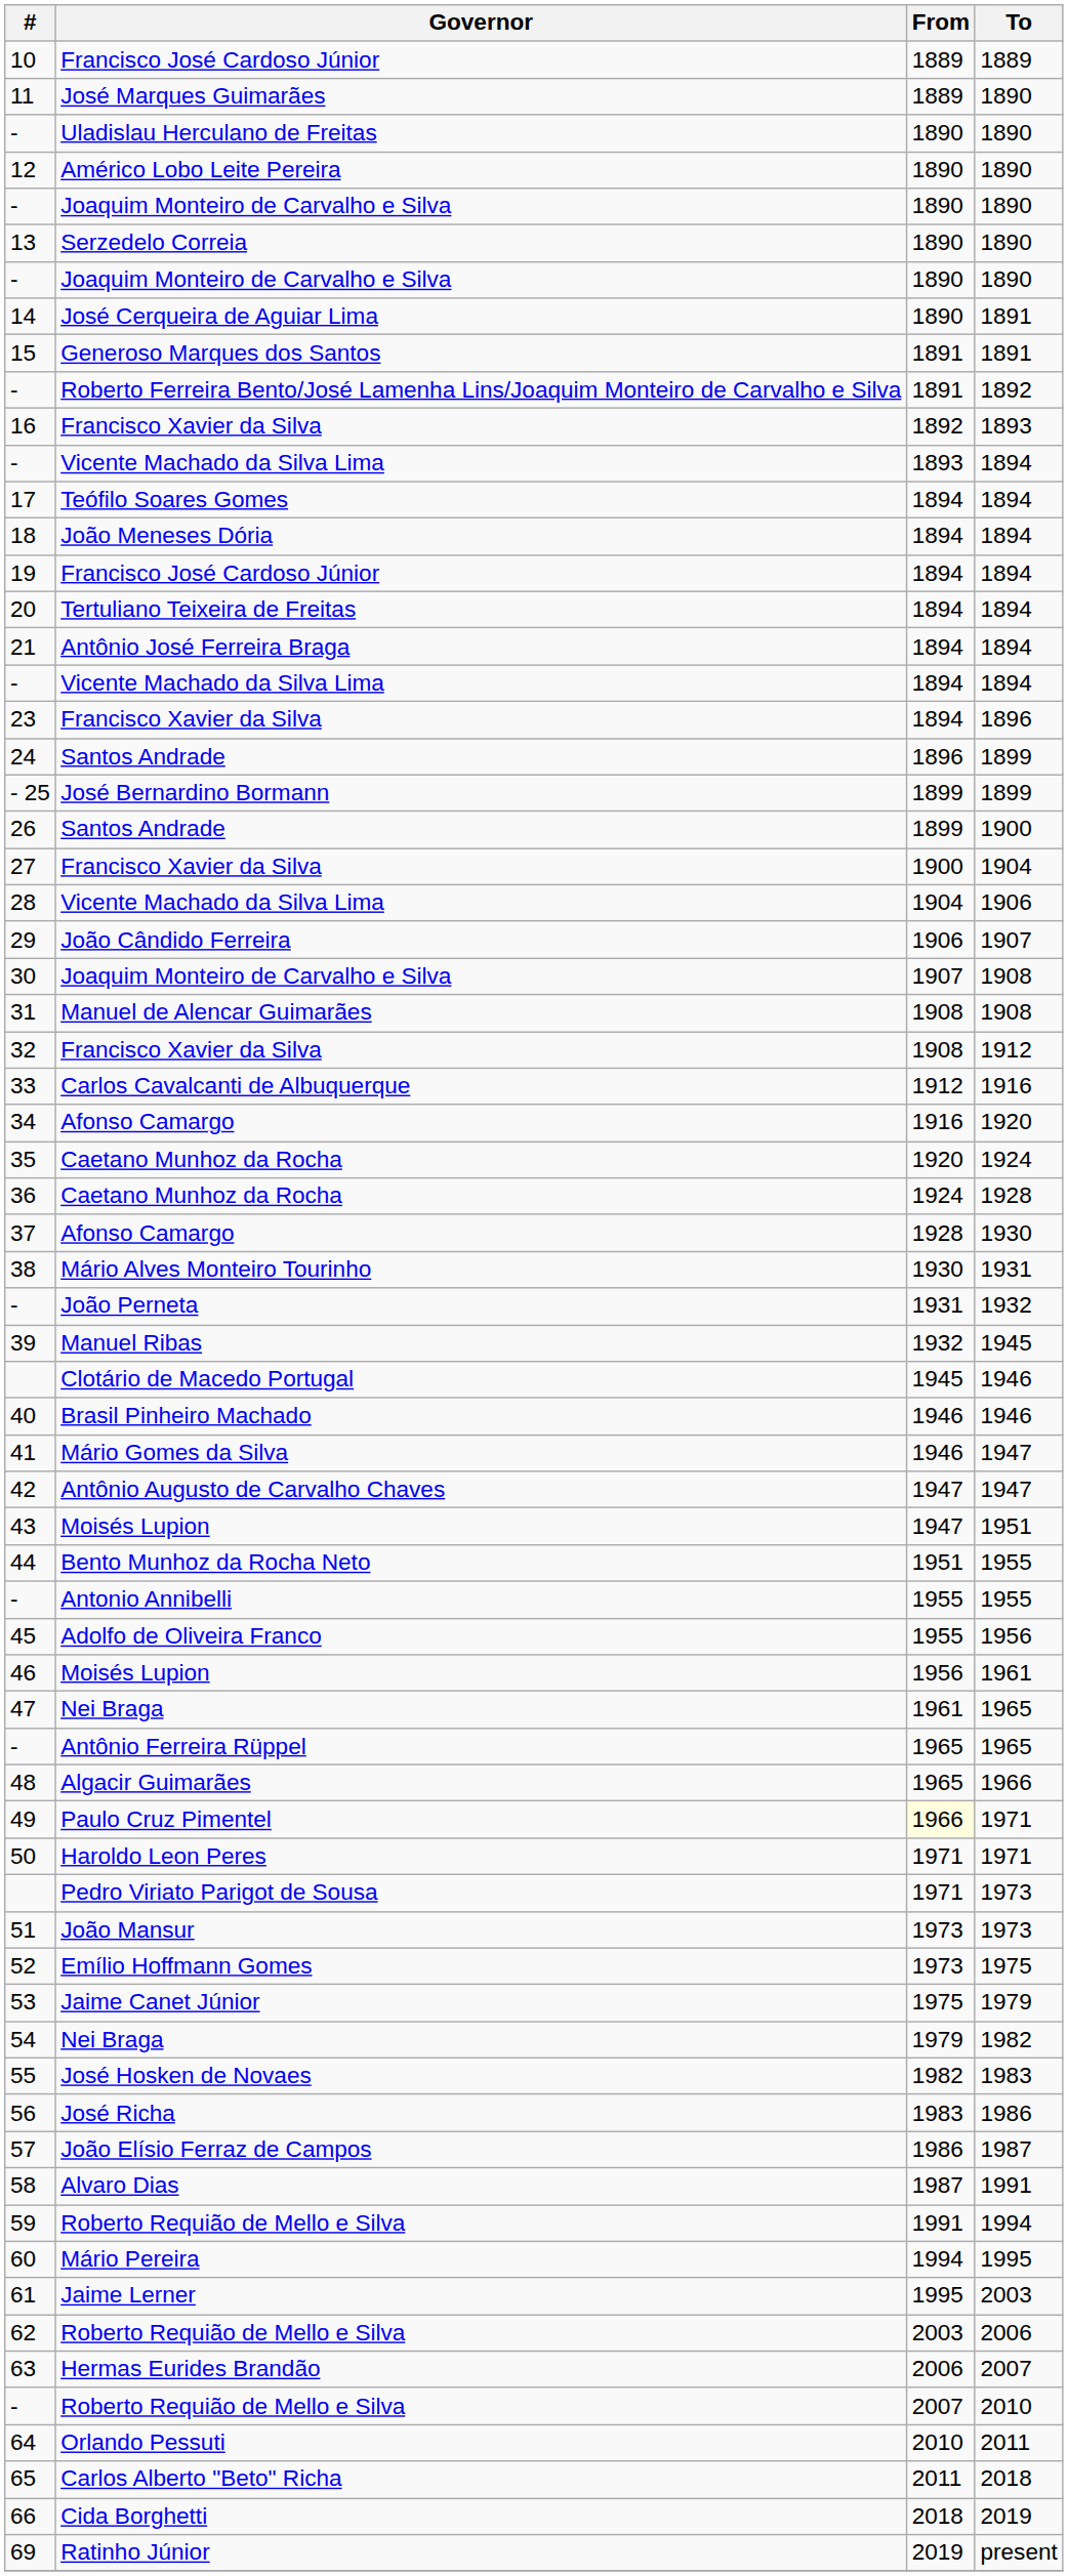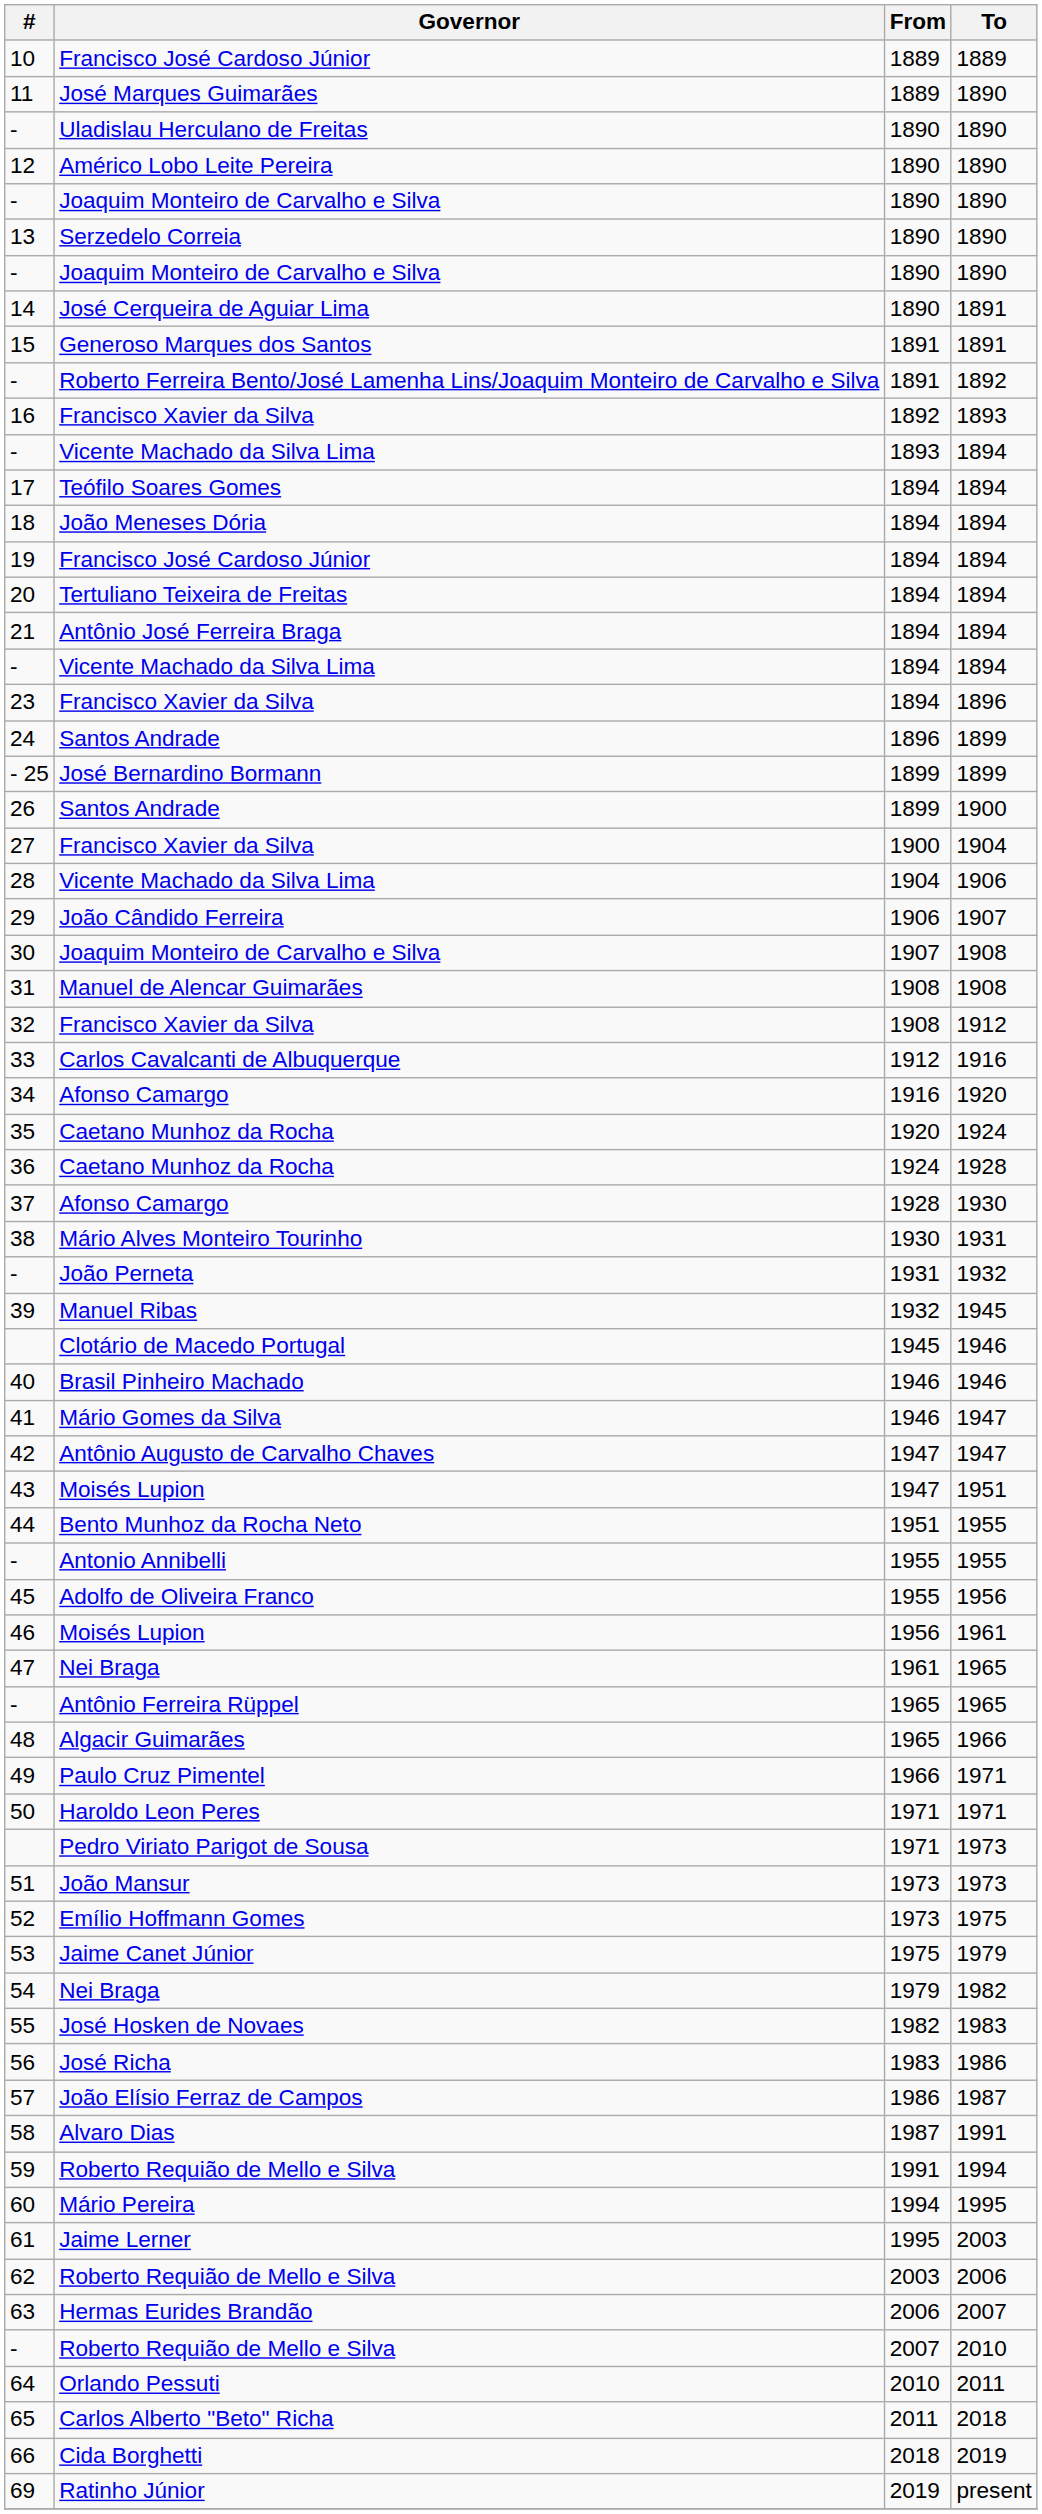 <table class="wikitable">
 <tr>
 <th>#</th>
 <th>Governor</th>
 <th>From</th>
 <th>To</th>
 </tr>
 <tr>
 <td>10</td>
 <td><a href='#'>Francisco José Cardoso Júnior</a></td>
 <td>1889</td>
 <td>1889</td>
 </tr>
 <tr>
 <td>11</td>
 <td><a href='#'>José Marques Guimarães</a></td>
 <td>1889</td>
 <td>1890</td>
 </tr>
 <tr>
 <td>-</td>
 <td><a href='#'>Uladislau Herculano de Freitas</a></td>
 <td>1890</td>
 <td>1890</td>
 </tr>
 <tr>
 <td>12</td>
 <td><a href='#'>Américo Lobo Leite Pereira</a></td>
 <td>1890</td>
 <td>1890</td>
 </tr>
 <tr>
 <td>-</td>
 <td><a href='#'>Joaquim Monteiro de Carvalho e Silva</a></td>
 <td>1890</td>
 <td>1890</td>
 </tr>
 <tr>
 <td>13</td>
 <td><a href='#'>Serzedelo Correia</a></td>
 <td>1890</td>
 <td>1890</td>
 </tr>
 <tr>
 <td>-</td>
 <td><a href='#'>Joaquim Monteiro de Carvalho e Silva</a></td>
 <td>1890</td>
 <td>1890</td>
 </tr>
 <tr>
 <td>14</td>
 <td><a href='#'>José Cerqueira de Aguiar Lima</a></td>
 <td>1890</td>
 <td>1891</td>
 </tr>
 <tr>
 <td>15</td>
 <td><a href='#'>Generoso Marques dos Santos</a></td>
 <td>1891</td>
 <td>1891</td>
 </tr>
 <tr>
 <td>-</td>
 <td><a href='#'>Roberto Ferreira Bento/José Lamenha Lins/Joaquim Monteiro de Carvalho e Silva</a></td>
 <td>1891</td>
 <td>1892</td>
 </tr>
 <tr>
 <td>16</td>
 <td><a href='#'>Francisco Xavier da Silva</a></td>
 <td>1892</td>
 <td>1893</td>
 </tr>
 <tr>
 <td>-</td>
 <td><a href='#'>Vicente Machado da Silva Lima</a></td>
 <td>1893</td>
 <td>1894</td>
 </tr>
 <tr>
 <td>17</td>
 <td><a href='#'>Teófilo Soares Gomes</a></td>
 <td>1894</td>
 <td>1894</td>
 </tr>
 <tr>
 <td>18</td>
 <td><a href='#'>João Meneses Dória</a></td>
 <td>1894</td>
 <td>1894</td>
 </tr>
 <tr>
 <td>19</td>
 <td><a href='#'>Francisco José Cardoso Júnior</a></td>
 <td>1894</td>
 <td>1894</td>
 </tr>
 <tr>
 <td>20</td>
 <td><a href='#'>Tertuliano Teixeira de Freitas</a></td>
 <td>1894</td>
 <td>1894</td>
 </tr>
 <tr>
 <td>21</td>
 <td><a href='#'>Antônio José Ferreira Braga</a></td>
 <td>1894</td>
 <td>1894</td>
 </tr>
 <tr>
 <td>-</td>
 <td><a href='#'>Vicente Machado da Silva Lima</a></td>
 <td>1894</td>
 <td>1894</td>
 </tr>
 <tr>
 <td>23</td>
 <td><a href='#'>Francisco Xavier da Silva</a></td>
 <td>1894</td>
 <td>1896</td>
 </tr>
 <tr>
 <td>24</td>
 <td><a href='#'>Santos Andrade</a></td>
 <td>1896</td>
 <td>1899</td>
 </tr>
 <tr>
 <td>- 25</td>
 <td><a href='#'>José Bernardino Bormann</a></td>
 <td>1899</td>
 <td>1899</td>
 </tr>
 <tr>
 <td>26</td>
 <td><a href='#'>Santos Andrade</a></td>
 <td>1899</td>
 <td>1900</td>
 </tr>
 <tr>
 <td>27</td>
 <td><a href='#'>Francisco Xavier da Silva</a></td>
 <td>1900</td>
 <td>1904</td>
 </tr>
 <tr>
 <td>28</td>
 <td><a href='#'>Vicente Machado da Silva Lima</a></td>
 <td>1904</td>
 <td>1906</td>
 </tr>
 <tr>
 <td>29</td>
 <td><a href='#'>João Cândido Ferreira</a></td>
 <td>1906</td>
 <td>1907</td>
 </tr>
 <tr>
 <td>30</td>
 <td><a href='#'>Joaquim Monteiro de Carvalho e Silva</a></td>
 <td>1907</td>
 <td>1908</td>
 </tr>
 <tr>
 <td>31</td>
 <td><a href='#'>Manuel de Alencar Guimarães</a></td>
 <td>1908</td>
 <td>1908</td>
 </tr>
 <tr>
 <td>32</td>
 <td><a href='#'>Francisco Xavier da Silva</a></td>
 <td>1908</td>
 <td>1912</td>
 </tr>
 <tr>
 <td>33</td>
 <td><a href='#'>Carlos Cavalcanti de Albuquerque</a></td>
 <td>1912</td>
 <td>1916</td>
 </tr>
 <tr>
 <td>34</td>
 <td><a href='#'>Afonso Camargo</a></td>
 <td>1916</td>
 <td>1920</td>
 </tr>
 <tr>
 <td>35</td>
 <td><a href='#'>Caetano Munhoz da Rocha</a></td>
 <td>1920</td>
 <td>1924</td>
 </tr>
 <tr>
 <td>36</td>
 <td><a href='#'>Caetano Munhoz da Rocha</a></td>
 <td>1924</td>
 <td>1928</td>
 </tr>
 <tr>
 <td>37</td>
 <td><a href='#'>Afonso Camargo</a></td>
 <td>1928</td>
 <td>1930</td>
 </tr>
 <tr>
 <td>38</td>
 <td><a href='#'>Mário Alves Monteiro Tourinho</a></td>
 <td>1930</td>
 <td>1931</td>
 </tr>
 <tr>
 <td>-</td>
 <td><a href='#'>João Perneta</a></td>
 <td>1931</td>
 <td>1932</td>
 </tr>
 <tr>
 <td>39</td>
 <td><a href='#'>Manuel Ribas</a></td>
 <td>1932</td>
 <td>1945</td>
 </tr>
 <tr>
 <td></td>
 <td><a href='#'>Clotário de Macedo Portugal</a></td>
 <td>1945</td>
 <td>1946</td>
 </tr>
 <tr>
 <td>40</td>
 <td><a href='#'>Brasil Pinheiro Machado</a></td>
 <td>1946</td>
 <td>1946</td>
 </tr>
 <tr>
 <td>41</td>
 <td><a href='#'>Mário Gomes da Silva</a></td>
 <td>1946</td>
 <td>1947</td>
 </tr>
 <tr>
 <td>42</td>
 <td><a href='#'>Antônio Augusto de Carvalho Chaves</a></td>
 <td>1947</td>
 <td>1947</td>
 </tr>
 <tr>
 <td>43</td>
 <td><a href='#'>Moisés Lupion</a></td>
 <td>1947</td>
 <td>1951</td>
 </tr>
 <tr>
 <td>44</td>
 <td><a href='#'>Bento Munhoz da Rocha Neto</a></td>
 <td>1951</td>
 <td>1955</td>
 </tr>
 <tr>
 <td>-</td>
 <td><a href='#'>Antonio Annibelli</a></td>
 <td>1955</td>
 <td>1955</td>
 </tr>
 <tr>
 <td>45</td>
 <td><a href='#'>Adolfo de Oliveira Franco</a></td>
 <td>1955</td>
 <td>1956</td>
 </tr>
 <tr>
 <td>46</td>
 <td><a href='#'>Moisés Lupion</a></td>
 <td>1956</td>
 <td>1961</td>
 </tr>
 <tr>
 <td>47</td>
 <td><a href='#'>Nei Braga</a></td>
 <td>1961</td>
 <td>1965</td>
 </tr>
 <tr>
 <td>-</td>
 <td><a href='#'>Antônio Ferreira Rüppel</a></td>
 <td>1965</td>
 <td>1965</td>
 </tr>
 <tr>
 <td>48</td>
 <td><a href='#'>Algacir Guimarães</a></td>
 <td>1965</td>
 <td>1966</td>
 </tr>
 <tr>
 <td>49</td>
 <td><a href='#'>Paulo Cruz Pimentel</a></td>
-<td style="background: lightyellow;">1966</td>
+<td>1966</td>
 <td>1971</td>
 </tr>
 <tr>
 <td>50</td>
 <td><a href='#'>Haroldo Leon Peres</a></td>
 <td>1971</td>
 <td>1971</td>
 </tr>
 <tr>
 <td></td>
 <td><a href='#'>Pedro Viriato Parigot de Sousa</a></td>
 <td>1971</td>
 <td>1973</td>
 </tr>
 <tr>
 <td>51</td>
 <td><a href='#'>João Mansur</a></td>
 <td>1973</td>
 <td>1973</td>
 </tr>
 <tr>
 <td>52</td>
 <td><a href='#'>Emílio Hoffmann Gomes</a></td>
 <td>1973</td>
 <td>1975</td>
 </tr>
 <tr>
 <td>53</td>
 <td><a href='#'>Jaime Canet Júnior</a></td>
 <td>1975</td>
 <td>1979</td>
 </tr>
 <tr>
 <td>54</td>
 <td><a href='#'>Nei Braga</a></td>
 <td>1979</td>
 <td>1982</td>
 </tr>
 <tr>
 <td>55</td>
 <td><a href='#'>José Hosken de Novaes</a></td>
 <td>1982</td>
 <td>1983</td>
 </tr>
 <tr>
 <td>56</td>
 <td><a href='#'>José Richa</a></td>
 <td>1983</td>
 <td>1986</td>
 </tr>
 <tr>
 <td>57</td>
 <td><a href='#'>João Elísio Ferraz de Campos</a></td>
 <td>1986</td>
 <td>1987</td>
 </tr>
 <tr>
 <td>58</td>
 <td><a href='#'>Alvaro Dias</a></td>
 <td>1987</td>
 <td>1991</td>
 </tr>
 <tr>
 <td>59</td>
 <td><a href='#'>Roberto Requião de Mello e Silva</a></td>
 <td>1991</td>
 <td>1994</td>
 </tr>
 <tr>
 <td>60</td>
 <td><a href='#'>Mário Pereira</a></td>
 <td>1994</td>
 <td>1995</td>
 </tr>
 <tr>
 <td>61</td>
 <td><a href='#'>Jaime Lerner</a></td>
 <td>1995</td>
 <td>2003</td>
 </tr>
 <tr>
 <td>62</td>
 <td><a href='#'>Roberto Requião de Mello e Silva</a></td>
 <td>2003</td>
 <td>2006</td>
 </tr>
 <tr>
 <td>63</td>
 <td><a href='#'>Hermas Eurides Brandão</a></td>
 <td>2006</td>
 <td>2007</td>
 </tr>
 <tr>
 <td>-</td>
 <td><a href='#'>Roberto Requião de Mello e Silva</a></td>
 <td>2007</td>
 <td>2010</td>
 </tr>
 <tr>
 <td>64</td>
 <td><a href='#'>Orlando Pessuti</a></td>
 <td>2010</td>
 <td>2011</td>
 </tr>
 <tr>
 <td>65</td>
 <td><a href='#'>Carlos Alberto "Beto" Richa</a></td>
 <td>2011</td>
 <td>2018</td>
 </tr>
 <tr>
 <td>66</td>
 <td><a href='#'>Cida Borghetti</a></td>
 <td>2018</td>
 <td>2019</td>
 </tr>
 <tr>
 <td>69</td>
 <td><a href='#'>Ratinho Júnior</a></td>
 <td>2019</td>
 <td>present</td>
 </tr>
 <tr>
 </tr>
 </table>
